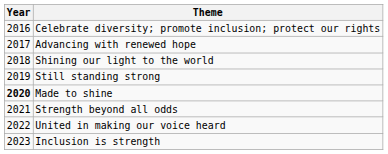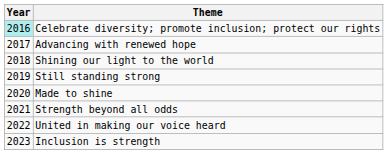 <table class="wikitable">
 <tr>
 <th>Year</th>
 <th>Theme</th>
 </tr>
 <tr>
-<td>2016</td>
+<td style="background: paleturquoise;">2016</td>
 <td>Celebrate diversity; promote inclusion; protect our rights</td>
 </tr>
 <tr>
 <td>2017</td>
 <td>Advancing with renewed hope</td>
 </tr>
 <tr>
 <td>2018</td>
 <td>Shining our light to the world</td>
 </tr>
 <tr>
 <td>2019</td>
 <td>Still standing strong</td>
 </tr>
 <tr>
-<td><strong>2020</strong></td>
+<td>2020</td>
 <td>Made to shine</td>
 </tr>
 <tr>
 <td>2021</td>
 <td>Strength beyond all odds</td>
 </tr>
 <tr>
 <td>2022</td>
 <td>United in making our voice heard</td>
 </tr>
 <tr>
 <td>2023</td>
 <td>Inclusion is strength</td>
 </tr>
 </table>
